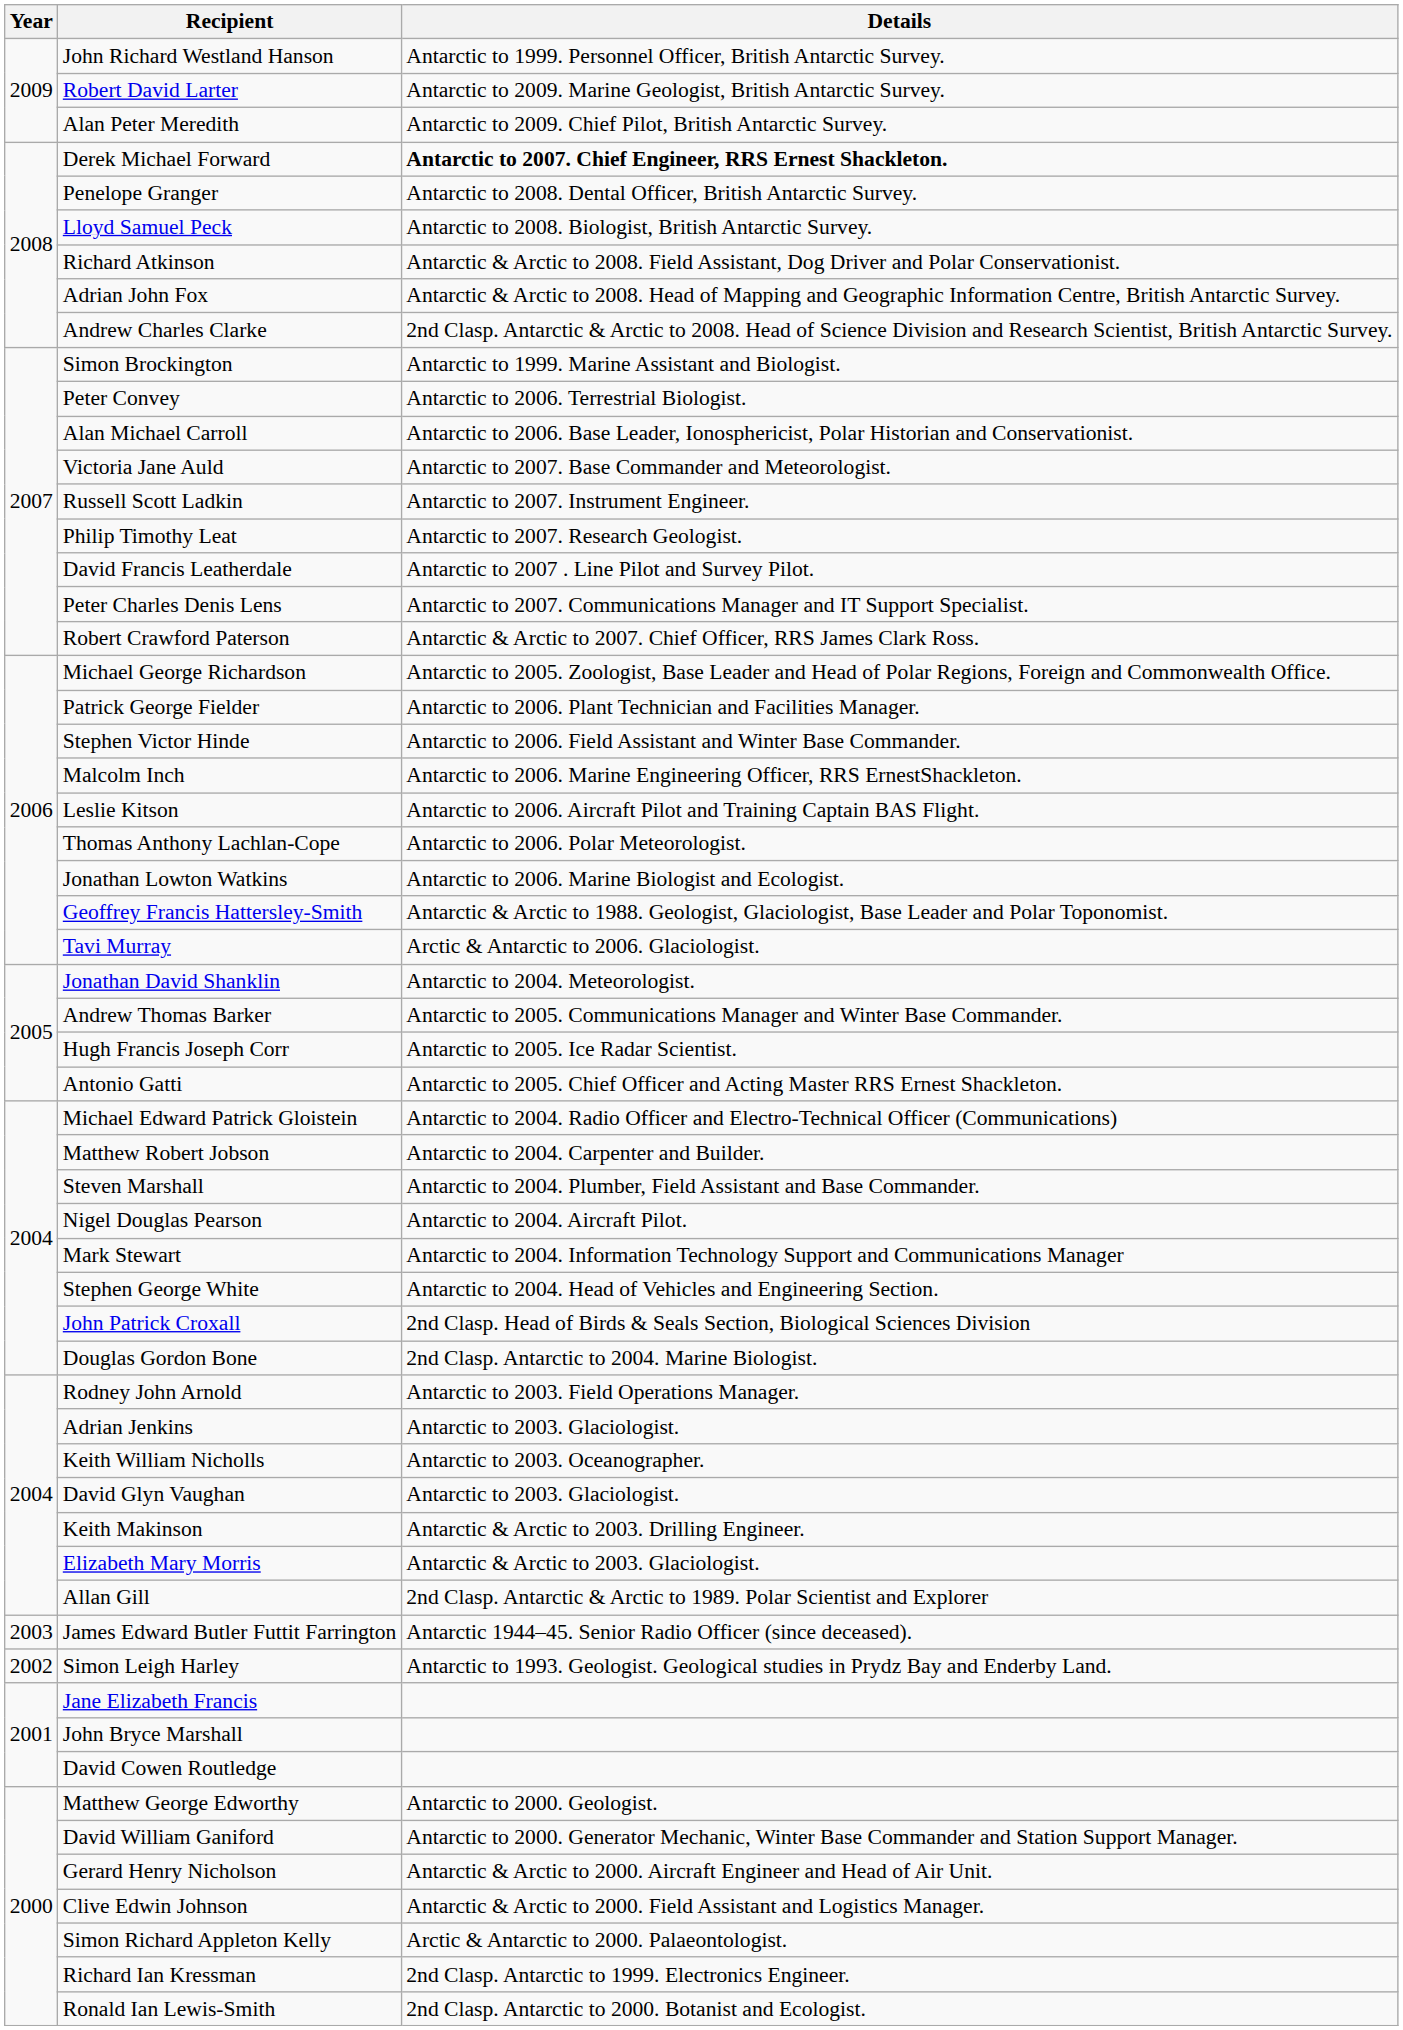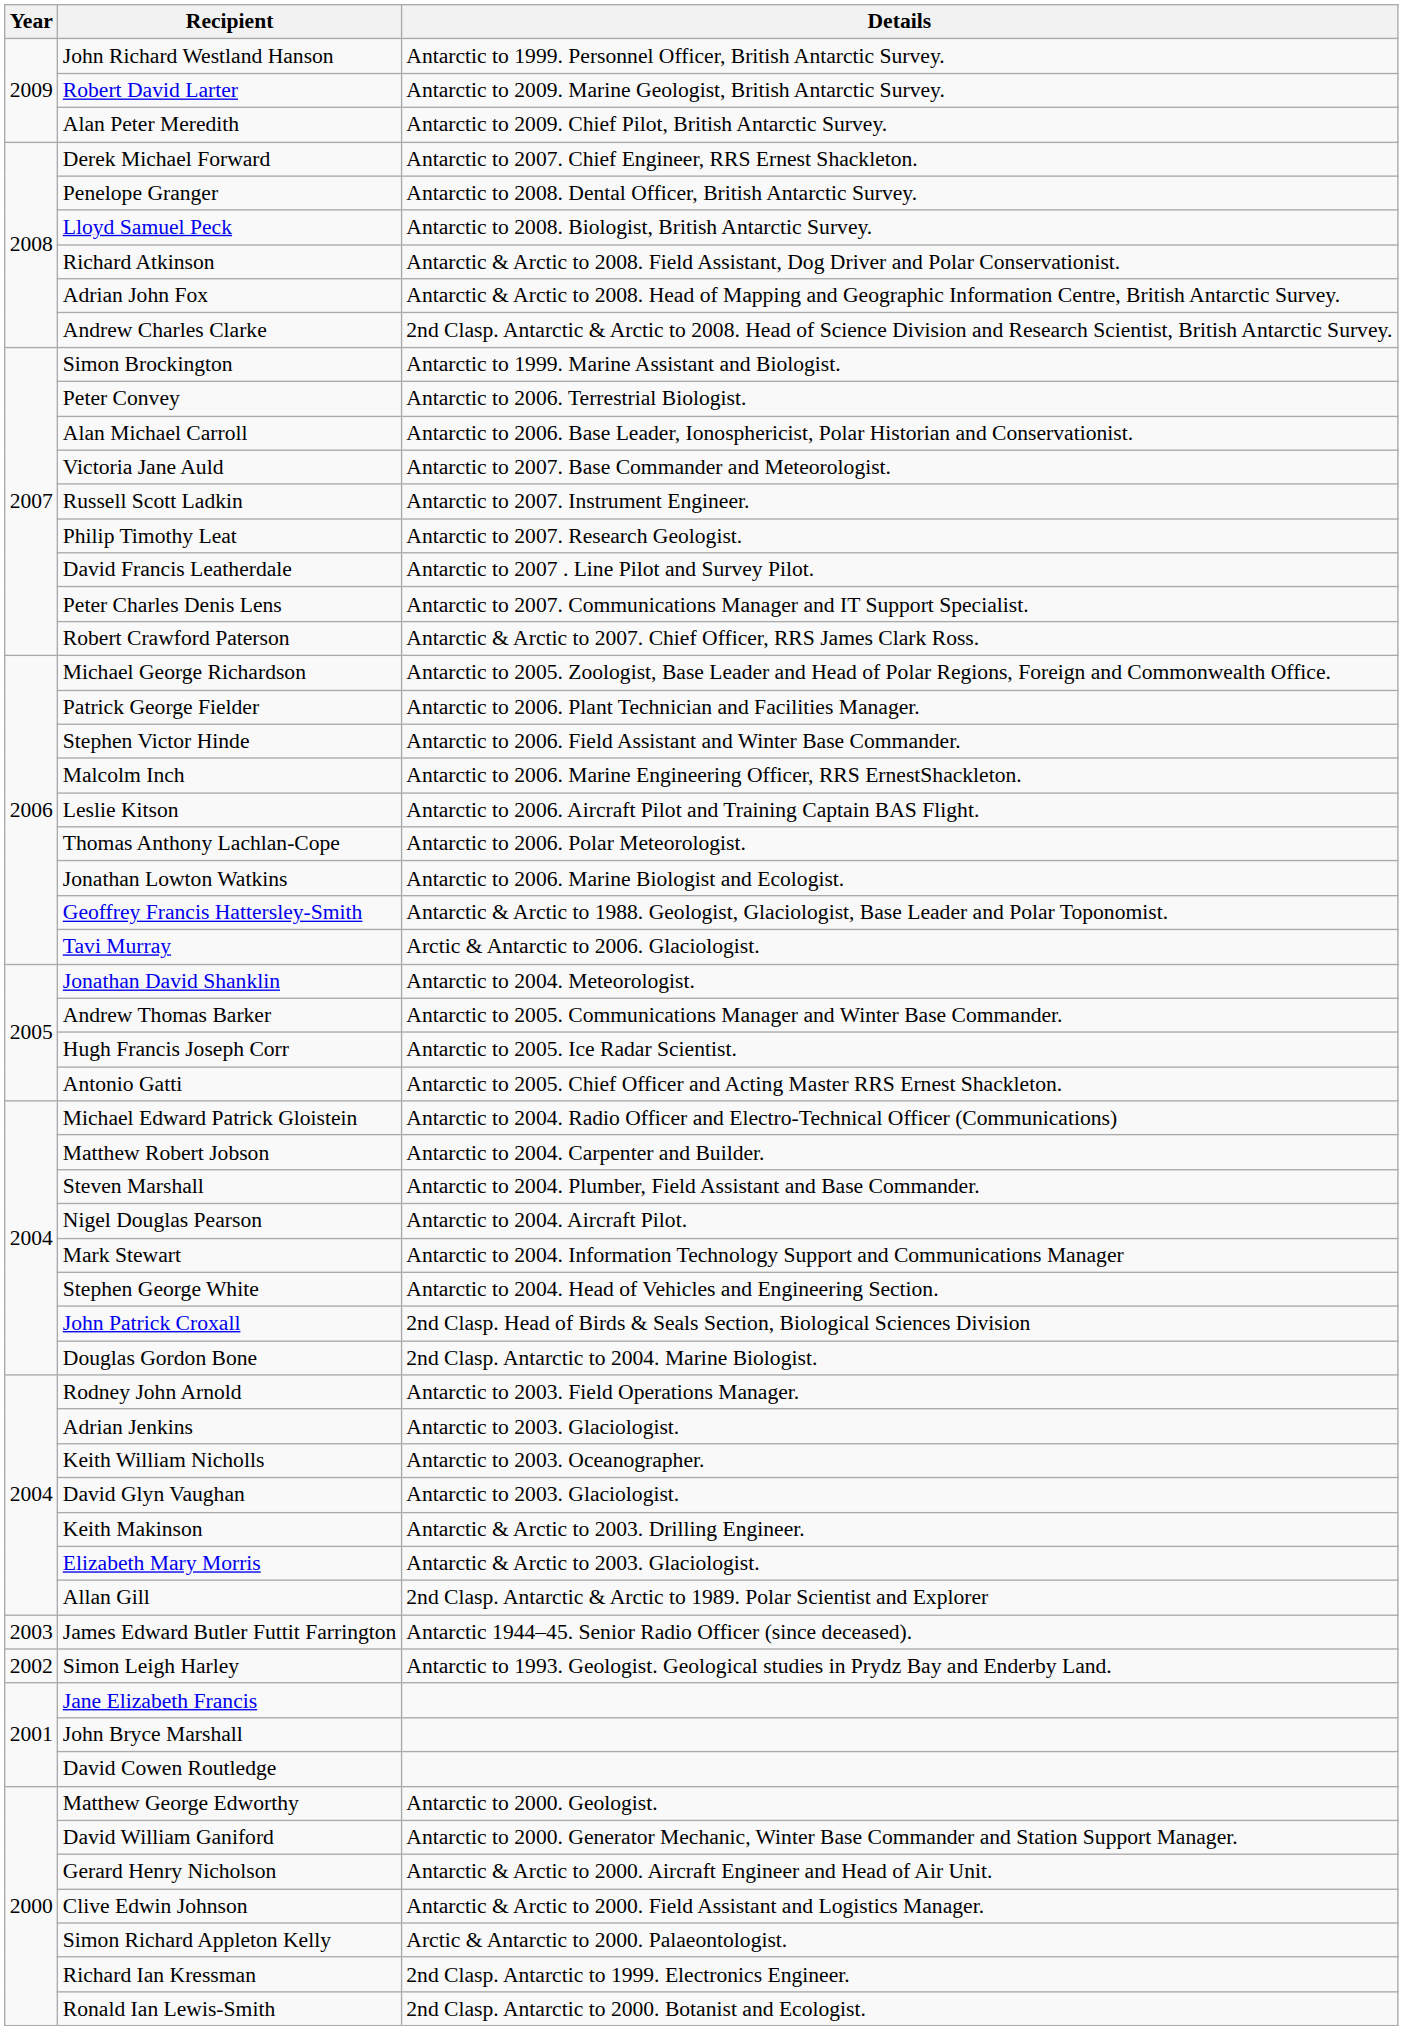 <table class="wikitable">
 <tr>
 <th>Year</th>
 <th>Recipient</th>
 <th>Details</th>
 </tr>
 <tr>
 <td rowspan="3">2009</td>
 <td>John Richard Westland Hanson</td>
 <td>Antarctic to 1999. Personnel Officer, British Antarctic Survey.</td>
 </tr>
 <tr>
 <td><a href='#'>Robert David Larter</a></td>
 <td>Antarctic to 2009. Marine Geologist, British Antarctic Survey.</td>
 </tr>
 <tr>
 <td>Alan Peter Meredith</td>
 <td>Antarctic to 2009. Chief Pilot, British Antarctic Survey.</td>
 </tr>
 <tr>
 <td rowspan="6">2008</td>
 <td>Derek Michael Forward</td>
-<td><strong>Antarctic to 2007. Chief Engineer, RRS Ernest Shackleton.</strong></td>
+<td>Antarctic to 2007. Chief Engineer, RRS Ernest Shackleton.</td>
 </tr>
 <tr>
 <td>Penelope Granger</td>
 <td>Antarctic to 2008. Dental Officer, British Antarctic Survey.</td>
 </tr>
 <tr>
 <td><a href='#'>Lloyd Samuel Peck</a></td>
 <td>Antarctic to 2008. Biologist, British Antarctic Survey.</td>
 </tr>
 <tr>
 <td>Richard Atkinson</td>
 <td>Antarctic & Arctic to 2008. Field Assistant, Dog Driver and Polar Conservationist.</td>
 </tr>
 <tr>
 <td>Adrian John Fox</td>
 <td>Antarctic & Arctic to 2008. Head of Mapping and Geographic Information Centre, British Antarctic Survey.</td>
 </tr>
 <tr>
 <td>Andrew Charles Clarke</td>
 <td>2nd Clasp. Antarctic & Arctic to 2008. Head of Science Division and Research Scientist, British Antarctic Survey.</td>
 </tr>
 <tr>
 <td rowspan="9">2007</td>
 <td>Simon Brockington</td>
 <td>Antarctic to 1999. Marine Assistant and Biologist.</td>
 </tr>
 <tr>
 <td>Peter Convey</td>
 <td>Antarctic to 2006. Terrestrial Biologist.</td>
 </tr>
 <tr>
 <td>Alan Michael Carroll</td>
 <td>Antarctic to 2006. Base Leader, Ionosphericist, Polar Historian and Conservationist.</td>
 </tr>
 <tr>
 <td>Victoria Jane Auld</td>
 <td>Antarctic to 2007. Base Commander and Meteorologist.</td>
 </tr>
 <tr>
 <td>Russell Scott Ladkin</td>
 <td>Antarctic to 2007. Instrument Engineer.</td>
 </tr>
 <tr>
 <td>Philip Timothy Leat</td>
 <td>Antarctic to 2007. Research Geologist.</td>
 </tr>
 <tr>
 <td>David Francis Leatherdale</td>
 <td>Antarctic to 2007 . Line Pilot and Survey Pilot.</td>
 </tr>
 <tr>
 <td>Peter Charles Denis Lens</td>
 <td>Antarctic to 2007. Communications Manager and IT Support Specialist.</td>
 </tr>
 <tr>
 <td>Robert Crawford Paterson</td>
 <td>Antarctic & Arctic to 2007. Chief Officer, RRS James Clark Ross.</td>
 </tr>
 <tr>
 <td rowspan="9">2006</td>
 <td>Michael George Richardson</td>
 <td>Antarctic to 2005. Zoologist, Base Leader and Head of Polar Regions, Foreign and Commonwealth Office.</td>
 </tr>
 <tr>
 <td>Patrick George Fielder</td>
 <td>Antarctic to 2006. Plant Technician and Facilities Manager.</td>
 </tr>
 <tr>
 <td>Stephen Victor Hinde</td>
 <td>Antarctic to 2006. Field Assistant and Winter Base Commander.</td>
 </tr>
 <tr>
 <td>Malcolm Inch</td>
 <td>Antarctic to 2006. Marine Engineering Officer, RRS ErnestShackleton.</td>
 </tr>
 <tr>
 <td>Leslie Kitson</td>
 <td>Antarctic to 2006. Aircraft Pilot and Training Captain BAS Flight.</td>
 </tr>
 <tr>
 <td>Thomas Anthony Lachlan-Cope</td>
 <td>Antarctic to 2006. Polar Meteorologist.</td>
 </tr>
 <tr>
 <td>Jonathan Lowton Watkins</td>
 <td>Antarctic to 2006. Marine Biologist and Ecologist.</td>
 </tr>
 <tr>
 <td><a href='#'>Geoffrey Francis Hattersley-Smith</a></td>
 <td>Antarctic & Arctic to 1988. Geologist, Glaciologist, Base Leader and Polar Toponomist.</td>
 </tr>
 <tr>
 <td><a href='#'>Tavi Murray</a></td>
 <td>Arctic & Antarctic to 2006. Glaciologist.</td>
 </tr>
 <tr>
 <td rowspan="4">2005</td>
 <td><a href='#'>Jonathan David Shanklin</a></td>
 <td>Antarctic to 2004. Meteorologist.</td>
 </tr>
 <tr>
 <td>Andrew Thomas Barker</td>
 <td>Antarctic to 2005. Communications Manager and Winter Base Commander.</td>
 </tr>
 <tr>
 <td>Hugh Francis Joseph Corr</td>
 <td>Antarctic to 2005. Ice Radar Scientist.</td>
 </tr>
 <tr>
 <td>Antonio Gatti</td>
 <td>Antarctic to 2005. Chief Officer and Acting Master RRS Ernest Shackleton.</td>
 </tr>
 <tr>
 <td rowspan="8">2004</td>
 <td>Michael Edward Patrick Gloistein</td>
 <td>Antarctic to 2004. Radio Officer and Electro-Technical Officer (Communications)</td>
 </tr>
 <tr>
 <td>Matthew Robert Jobson</td>
 <td>Antarctic to 2004. Carpenter and Builder.</td>
 </tr>
 <tr>
 <td>Steven Marshall</td>
 <td>Antarctic to 2004. Plumber, Field Assistant and Base Commander.</td>
 </tr>
 <tr>
 <td>Nigel Douglas Pearson</td>
 <td>Antarctic to 2004. Aircraft Pilot.</td>
 </tr>
 <tr>
 <td>Mark Stewart</td>
 <td>Antarctic to 2004. Information Technology Support and Communications Manager</td>
 </tr>
 <tr>
 <td>Stephen George White</td>
 <td>Antarctic to 2004. Head of Vehicles and Engineering Section.</td>
 </tr>
 <tr>
 <td><a href='#'>John Patrick Croxall</a></td>
 <td>2nd Clasp. Head of Birds & Seals Section, Biological Sciences Division</td>
 </tr>
 <tr>
 <td>Douglas Gordon Bone</td>
 <td>2nd Clasp. Antarctic to 2004. Marine Biologist.</td>
 </tr>
 <tr>
 <td rowspan="7">2004</td>
 <td>Rodney John Arnold</td>
 <td>Antarctic to 2003. Field Operations Manager.</td>
 </tr>
 <tr>
 <td>Adrian Jenkins</td>
 <td>Antarctic to 2003. Glaciologist.</td>
 </tr>
 <tr>
 <td>Keith William Nicholls</td>
 <td>Antarctic to 2003. Oceanographer.</td>
 </tr>
 <tr>
 <td>David Glyn Vaughan</td>
 <td>Antarctic to 2003. Glaciologist.</td>
 </tr>
 <tr>
 <td>Keith Makinson</td>
 <td>Antarctic & Arctic to 2003. Drilling Engineer.</td>
 </tr>
 <tr>
 <td><a href='#'>Elizabeth Mary Morris</a></td>
 <td>Antarctic & Arctic to 2003. Glaciologist.</td>
 </tr>
 <tr>
 <td>Allan Gill</td>
 <td>2nd Clasp. Antarctic & Arctic to 1989. Polar Scientist and Explorer</td>
 </tr>
 <tr>
 <td>2003</td>
 <td>James Edward Butler Futtit Farrington</td>
 <td>Antarctic 1944–45. Senior Radio Officer (since deceased).</td>
 </tr>
 <tr>
 <td>2002</td>
 <td>Simon Leigh Harley</td>
 <td>Antarctic to 1993. Geologist. Geological studies in Prydz Bay and Enderby Land.</td>
 </tr>
 <tr>
 <td rowspan="3">2001 </td>
 <td><a href='#'>Jane Elizabeth Francis</a></td>
 <td></td>
 </tr>
 <tr>
 <td>John Bryce Marshall</td>
 <td></td>
 </tr>
 <tr>
 <td>David Cowen Routledge</td>
 <td></td>
 </tr>
 <tr>
 <td rowspan="7">2000</td>
 <td>Matthew George Edworthy</td>
 <td>Antarctic to 2000. Geologist.</td>
 </tr>
 <tr>
 <td>David William Ganiford</td>
 <td>Antarctic to 2000. Generator Mechanic, Winter Base Commander and Station Support Manager.</td>
 </tr>
 <tr>
 <td>Gerard Henry Nicholson</td>
 <td>Antarctic & Arctic to 2000. Aircraft Engineer and Head of Air Unit.</td>
 </tr>
 <tr>
 <td>Clive Edwin Johnson</td>
 <td>Antarctic & Arctic to 2000. Field Assistant and Logistics Manager.</td>
 </tr>
 <tr>
 <td>Simon Richard Appleton Kelly</td>
 <td>Arctic & Antarctic to 2000. Palaeontologist.</td>
 </tr>
 <tr>
 <td>Richard Ian Kressman</td>
 <td>2nd Clasp. Antarctic to 1999. Electronics Engineer.</td>
 </tr>
 <tr>
 <td>Ronald Ian Lewis-Smith</td>
 <td>2nd Clasp. Antarctic to 2000. Botanist and Ecologist.</td>
 </tr>
 </table>
